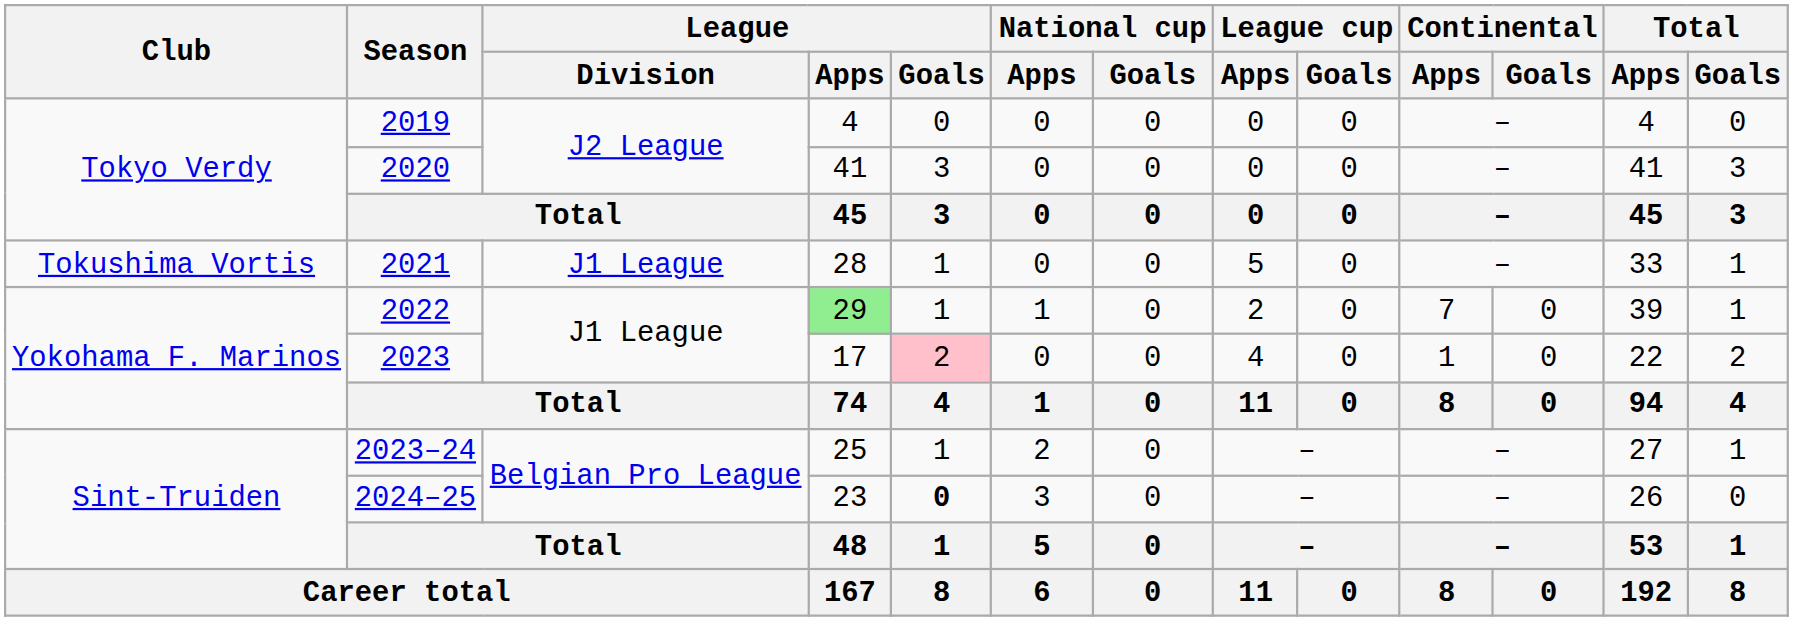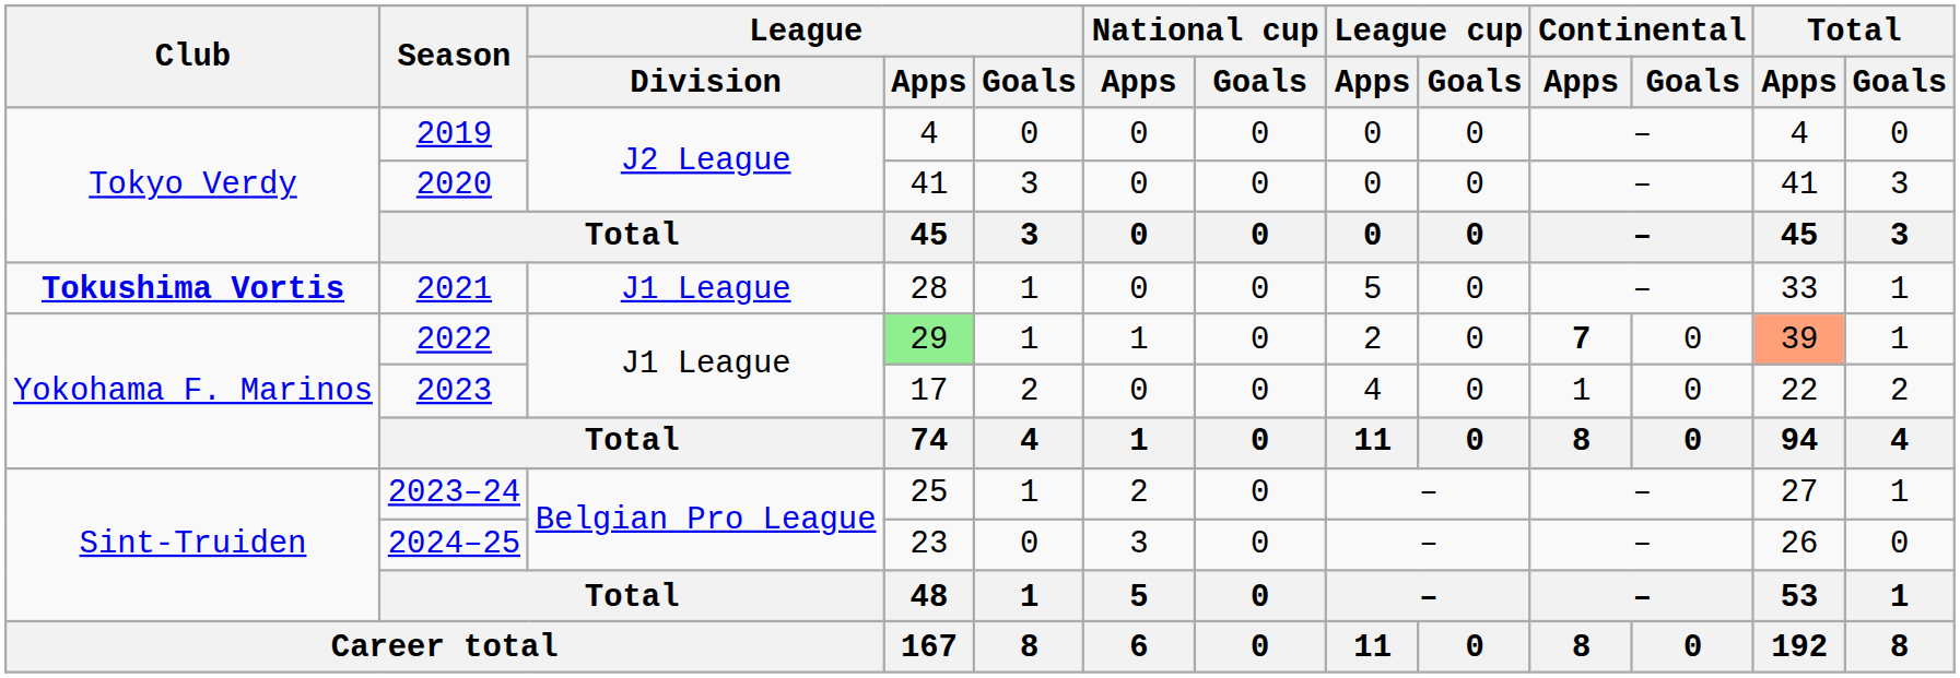 <table class="wikitable" style="text-align:center">
 <tr>
 <th rowspan="2">Club</th>
 <th rowspan="2">Season</th>
 <th colspan="3">League</th>
 <th colspan="2">National cup</th>
 <th colspan="2">League cup</th>
 <th colspan="2">Continental</th>
 <th colspan="2">Total</th>
 </tr>
 <tr>
 <th>Division</th>
 <th>Apps</th>
 <th>Goals</th>
 <th>Apps</th>
 <th>Goals</th>
 <th>Apps</th>
 <th>Goals</th>
 <th>Apps</th>
 <th>Goals</th>
 <th>Apps</th>
 <th>Goals</th>
 </tr>
 <tr>
 <td rowspan="3"><a href='#'>Tokyo Verdy</a></td>
 <td><a href='#'>2019</a></td>
 <td rowspan="2"><a href='#'>J2 League</a></td>
 <td>4</td>
 <td>0</td>
 <td>0</td>
 <td>0</td>
 <td>0</td>
 <td>0</td>
 <td colspan="2">–</td>
 <td>4</td>
 <td>0</td>
 </tr>
 <tr>
 <td><a href='#'>2020</a></td>
 <td>41</td>
 <td>3</td>
 <td>0</td>
 <td>0</td>
 <td>0</td>
 <td>0</td>
 <td colspan="2">–</td>
 <td>41</td>
 <td>3</td>
 </tr>
 <tr>
 <th colspan="2">Total</th>
 <th>45</th>
 <th>3</th>
 <th>0</th>
 <th>0</th>
 <th>0</th>
 <th>0</th>
 <th colspan="2">–</th>
 <th>45</th>
 <th>3</th>
 </tr>
 <tr>
-<td><a href='#'>Tokushima Vortis</a></td>
+<td><strong><a href='#'>Tokushima Vortis</a></strong></td>
 <td><a href='#'>2021</a></td>
 <td><a href='#'>J1 League</a></td>
 <td>28</td>
 <td>1</td>
 <td>0</td>
 <td>0</td>
 <td>5</td>
 <td>0</td>
 <td colspan="2">–</td>
 <td>33</td>
 <td>1</td>
 </tr>
 <tr>
 <td rowspan="3"><a href='#'>Yokohama F. Marinos</a></td>
 <td><a href='#'>2022</a></td>
 <td rowspan="2">J1 League</td>
 <td style="background: lightgreen;">29</td>
 <td>1</td>
 <td>1</td>
 <td>0</td>
 <td>2</td>
 <td>0</td>
-<td>7</td>
+<td><strong>7</strong></td>
 <td>0</td>
-<td>39</td>
+<td style="background: lightsalmon;">39</td>
 <td>1</td>
 </tr>
 <tr>
 <td><a href='#'>2023</a></td>
 <td>17</td>
-<td style="background: pink;">2</td>
+<td>2</td>
 <td>0</td>
 <td>0</td>
 <td>4</td>
 <td>0</td>
 <td>1</td>
 <td>0</td>
 <td>22</td>
 <td>2</td>
 </tr>
 <tr>
 <th colspan="2">Total</th>
 <th>74</th>
 <th>4</th>
 <th>1</th>
 <th>0</th>
 <th>11</th>
 <th>0</th>
 <th>8</th>
 <th>0</th>
 <th>94</th>
 <th>4</th>
 </tr>
 <tr>
 <td rowspan="3"><a href='#'>Sint-Truiden</a></td>
 <td><a href='#'>2023–24</a></td>
 <td rowspan="2"><a href='#'>Belgian Pro League</a></td>
 <td>25</td>
 <td>1</td>
 <td>2</td>
 <td>0</td>
 <td colspan="2">–</td>
 <td colspan="2">–</td>
 <td>27</td>
 <td>1</td>
 </tr>
 <tr>
 <td><a href='#'>2024–25</a></td>
 <td>23</td>
-<td><strong>0</strong></td>
+<td>0</td>
 <td>3</td>
 <td>0</td>
 <td colspan="2">–</td>
 <td colspan="2">–</td>
 <td>26</td>
 <td>0</td>
 </tr>
 <tr>
 <th colspan="2">Total</th>
 <th>48</th>
 <th>1</th>
 <th>5</th>
 <th>0</th>
 <th colspan="2">–</th>
 <th colspan="2">–</th>
 <th>53</th>
 <th>1</th>
 </tr>
 <tr>
 <th colspan="3">Career total</th>
 <th>167</th>
 <th>8</th>
 <th>6</th>
 <th>0</th>
 <th>11</th>
 <th>0</th>
 <th>8</th>
 <th>0</th>
 <th>192</th>
 <th>8</th>
 </tr>
 </table>
